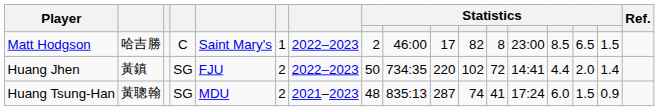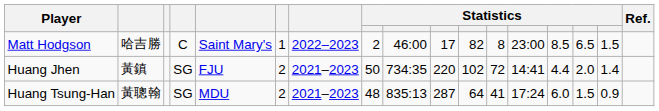 <table class="wikitable sortable" style="font-size:95%; text-align:right;">
 <tr>
 <th rowspan="2">Player</th>
 <th rowspan="2"></th>
 <th rowspan="2"></th>
 <th rowspan="2"></th>
 <th rowspan="2"></th>
 <th rowspan="2"></th>
 <th rowspan="2"></th>
 <th colspan="9">Statistics</th>
 <th rowspan="2">Ref.</th>
 </tr>
 <tr>
 <th></th>
 <th></th>
 <th></th>
 <th></th>
 <th></th>
 <th></th>
 <th></th>
 <th></th>
 <th></th>
 </tr>
 <tr>
 <td align="left"><a href='#'>Matt Hodgson</a></td>
 <td align="left">哈吉勝</td>
 <td align="center"></td>
 <td align="center">C</td>
 <td align="left"><a href='#'>Saint Mary's</a></td>
 <td align="center">1</td>
 <td align="center"><a href='#'>2022–2023</a></td>
 <td>2</td>
 <td>46:00</td>
 <td>17</td>
 <td>82</td>
 <td>8</td>
 <td>23:00</td>
 <td>8.5</td>
 <td>6.5</td>
 <td>1.5</td>
 <td align="center"></td>
 </tr>
 <tr>
 <td align="left">Huang Jhen</td>
 <td align="left">黃鎮</td>
 <td align="center"></td>
 <td align="center">SG</td>
 <td align="left"><a href='#'>FJU</a></td>
 <td align="center">2</td>
-<td align="center"><a href='#'>2022–2023</a></td>
+<td align="center"><a href='#'>2021</a>–<a href='#'>2023</a></td>
 <td>50</td>
 <td>734:35</td>
 <td>220</td>
 <td>102</td>
 <td>72</td>
 <td>14:41</td>
 <td>4.4</td>
 <td>2.0</td>
 <td>1.4</td>
 <td align="center"></td>
 </tr>
 <tr>
 <td align="left">Huang Tsung-Han</td>
 <td align="left">黃聰翰</td>
 <td align="center"></td>
 <td align="center">SG</td>
 <td align="left"><a href='#'>MDU</a></td>
 <td align="center">2</td>
 <td align="center"><a href='#'>2021</a>–<a href='#'>2023</a></td>
 <td>48</td>
 <td>835:13</td>
 <td>287</td>
-<td>74</td>
+<td>64</td>
 <td>41</td>
 <td>17:24</td>
 <td>6.0</td>
 <td>1.5</td>
 <td>0.9</td>
 <td align="center"></td>
 </tr>
 </table>
